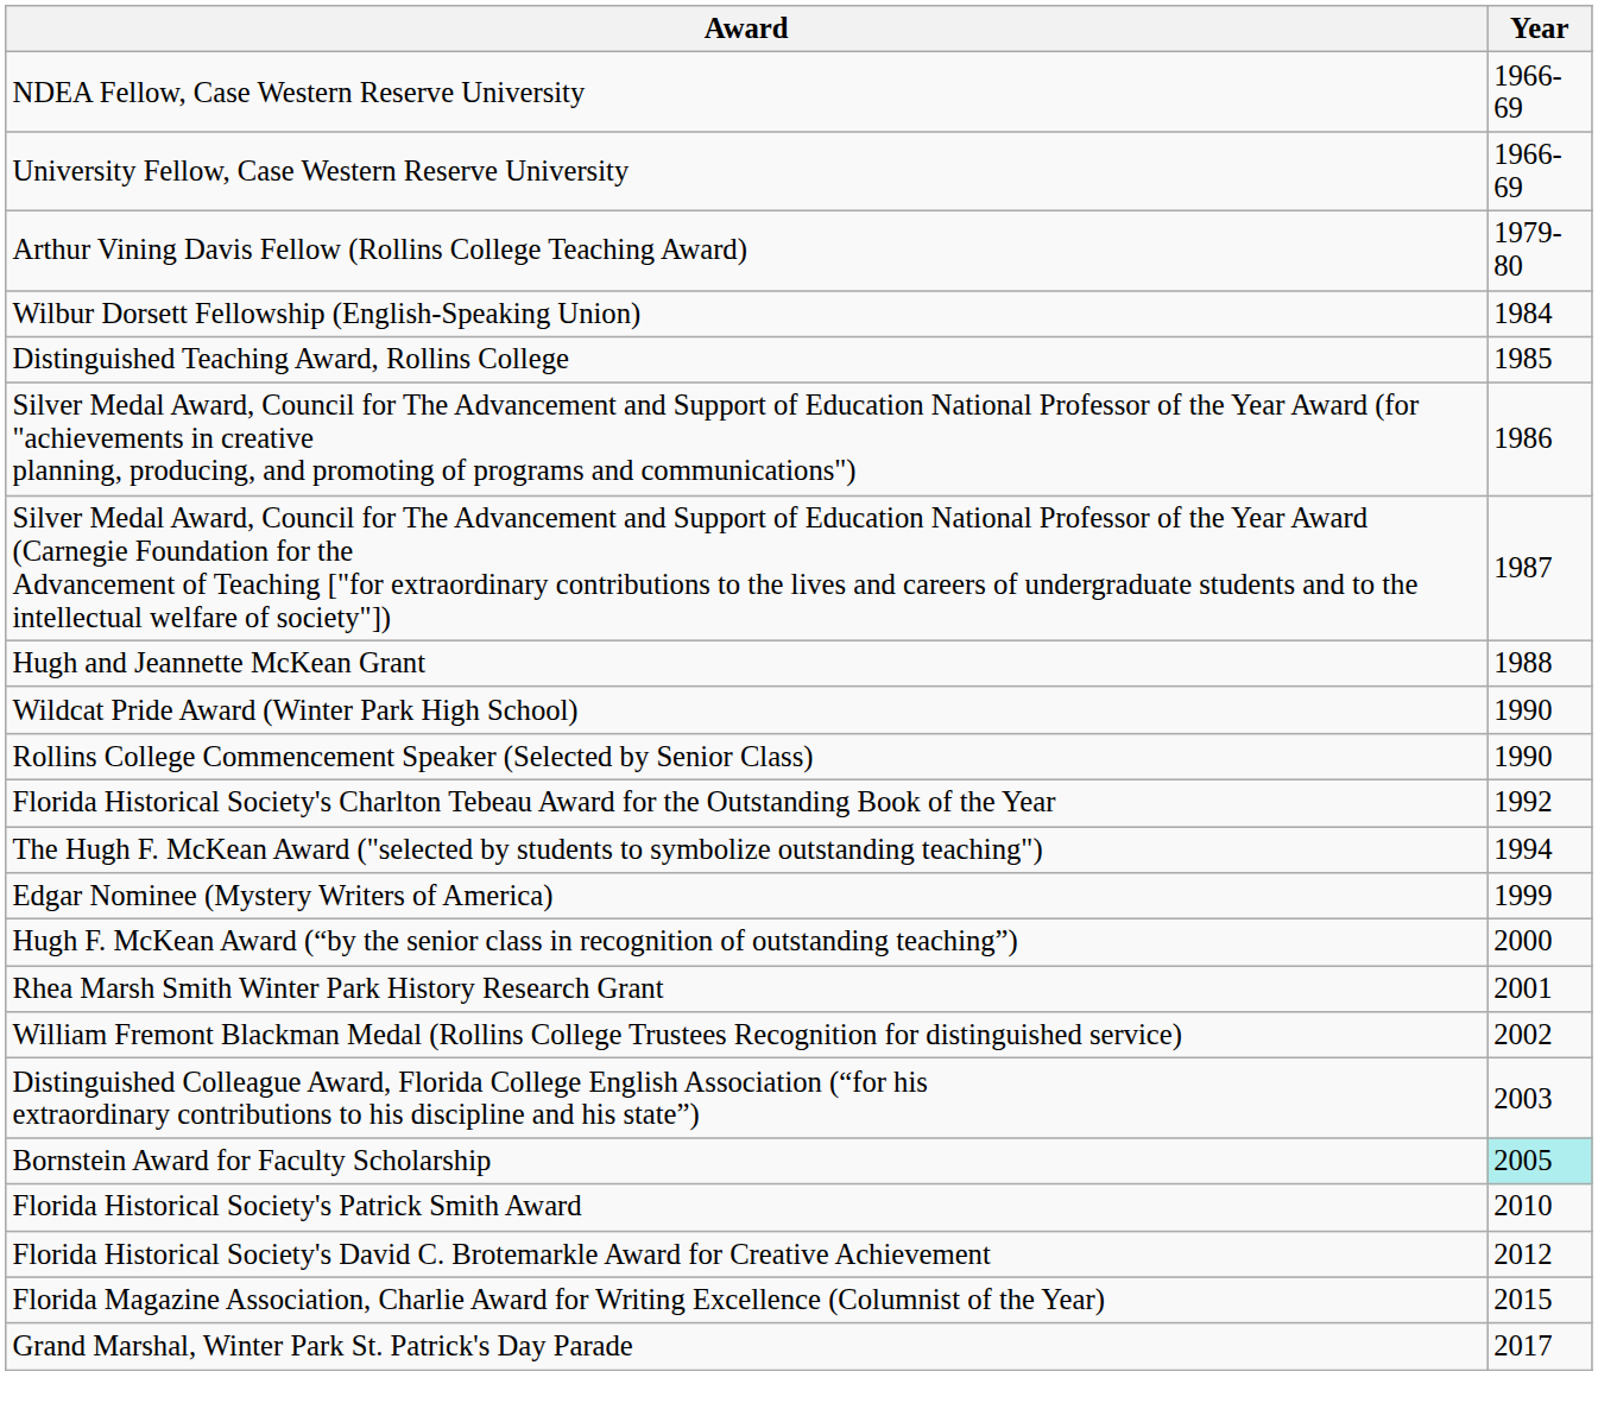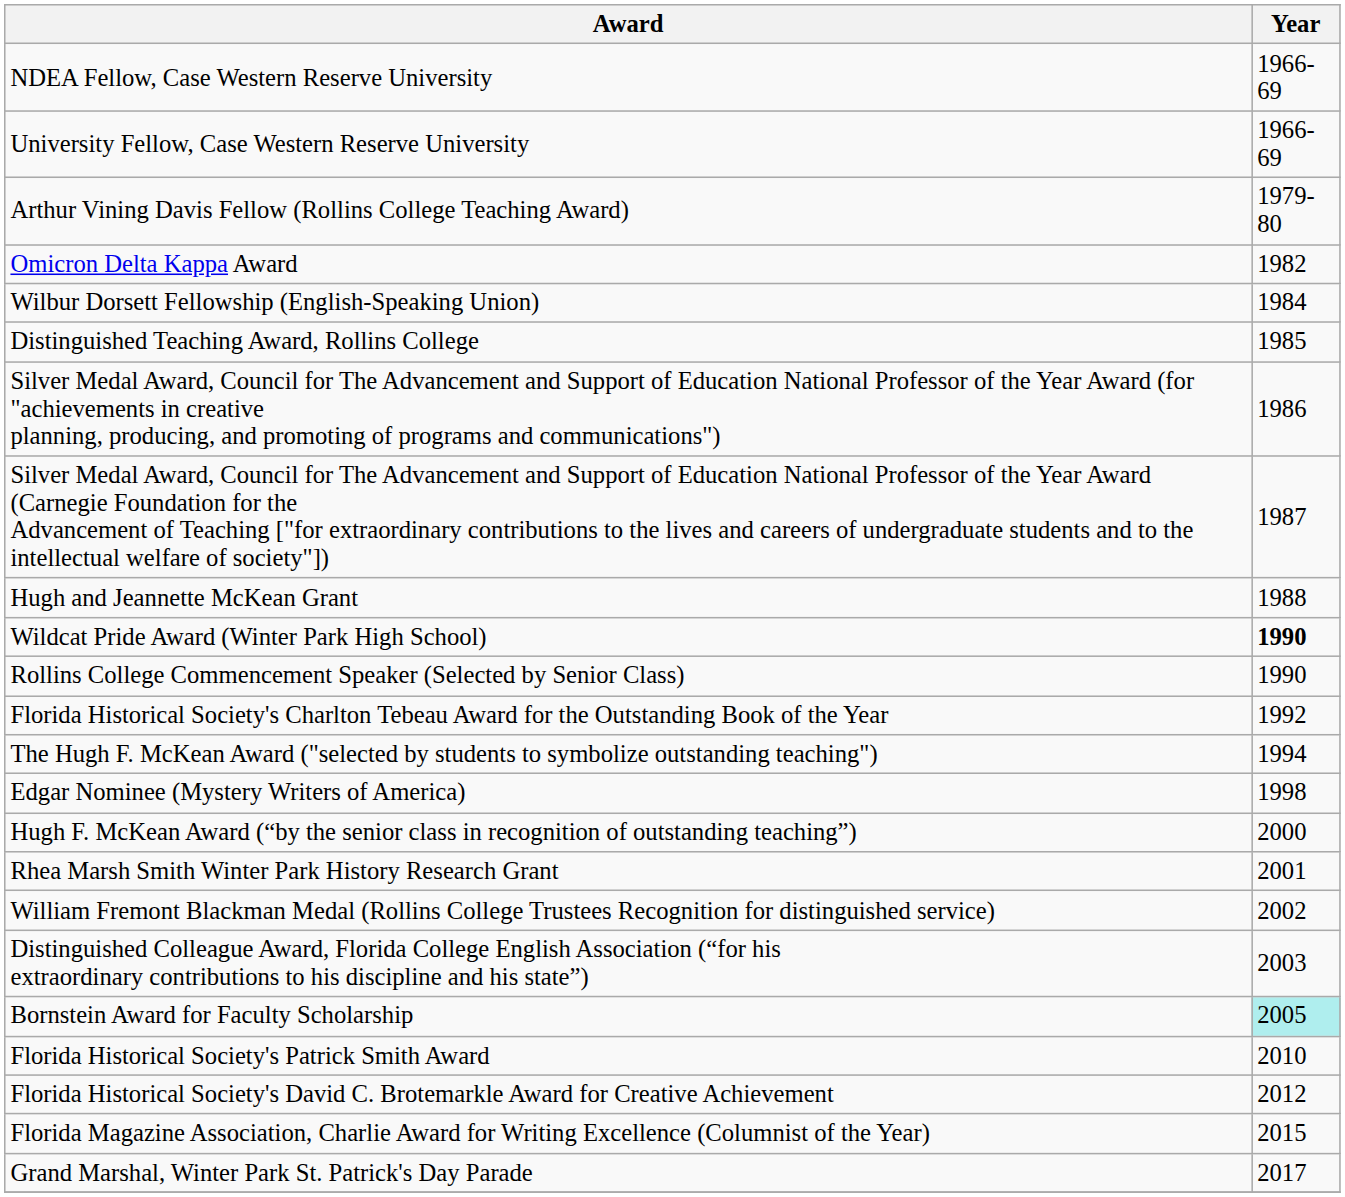 <table class="wikitable sortable">
 <tr>
 <th>Award</th>
 <th>Year</th>
 </tr>
 <tr>
 <td>NDEA Fellow, Case Western Reserve University</td>
 <td>1966-69</td>
 </tr>
 <tr>
 <td>University Fellow, Case Western Reserve University</td>
 <td>1966-69</td>
 </tr>
 <tr>
 <td>Arthur Vining Davis Fellow (Rollins College Teaching Award)</td>
 <td>1979-80</td>
+</tr>
+<tr>
+<td><a href='#'>Omicron Delta Kappa</a> Award</td>
+<td>1982</td>
 </tr>
 <tr>
 <td>Wilbur Dorsett Fellowship (English-Speaking Union)</td>
 <td>1984</td>
 </tr>
 <tr>
 <td>Distinguished Teaching Award, Rollins College</td>
 <td>1985</td>
 </tr>
 <tr>
 <td>Silver Medal Award, Council for The Advancement and Support of Education National Professor of the Year Award (for "achievements in creative<br>planning, producing, and promoting of programs and communications")</td>
 <td>1986</td>
 </tr>
 <tr>
 <td>Silver Medal Award, Council for The Advancement and Support of Education National Professor of the Year Award (Carnegie Foundation for the<br>Advancement of Teaching ["for extraordinary contributions to the lives and careers of undergraduate students and to the intellectual welfare  of society"])</td>
 <td>1987</td>
 </tr>
 <tr>
 <td>Hugh and Jeannette McKean Grant</td>
 <td>1988</td>
 </tr>
 <tr>
 <td>Wildcat Pride Award (Winter Park High School)</td>
-<td>1990</td>
+<td><strong>1990</strong></td>
 </tr>
 <tr>
 <td>Rollins College Commencement Speaker (Selected by Senior Class)</td>
 <td>1990</td>
 </tr>
 <tr>
 <td>Florida Historical Society's Charlton Tebeau Award for the Outstanding Book of the Year</td>
 <td>1992</td>
 </tr>
 <tr>
 <td>The Hugh F. McKean Award ("selected by students to symbolize outstanding teaching")</td>
 <td>1994</td>
 </tr>
 <tr>
 <td>Edgar Nominee (Mystery Writers of America)</td>
-<td>1999</td>
+<td>1998</td>
 </tr>
 <tr>
 <td>Hugh F. McKean Award (“by the senior class in recognition of outstanding teaching”)</td>
 <td>2000</td>
 </tr>
 <tr>
 <td>Rhea Marsh Smith Winter Park History Research Grant</td>
 <td>2001</td>
 </tr>
 <tr>
 <td>William Fremont Blackman Medal (Rollins College Trustees Recognition for distinguished service)</td>
 <td>2002</td>
 </tr>
 <tr>
 <td>Distinguished Colleague Award, Florida College English Association (“for his<br>extraordinary contributions to his discipline and his state”)</td>
 <td>2003</td>
 </tr>
 <tr>
 <td>Bornstein Award for Faculty Scholarship</td>
 <td style="background: paleturquoise;">2005</td>
 </tr>
 <tr>
 <td>Florida Historical Society's Patrick Smith Award</td>
 <td>2010</td>
 </tr>
 <tr>
 <td>Florida Historical Society's David C. Brotemarkle Award for Creative Achievement</td>
 <td>2012</td>
 </tr>
 <tr>
 <td>Florida Magazine Association, Charlie Award for Writing Excellence (Columnist of the Year)</td>
 <td>2015</td>
 </tr>
 <tr>
 <td>Grand Marshal, Winter Park St. Patrick's Day Parade</td>
 <td>2017</td>
 </tr>
 <tr>
 </tr>
 </table>
